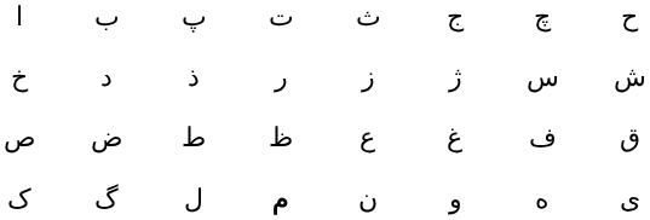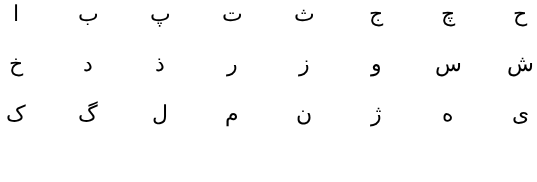 <table class="standard" cellpadding="5" style="font-size: 1.6em; font-family:'Times New Roman', serif; line-height: 2em; text-align: center;">
 <tr>
 <td style="width:3em; text-align:center; padding: 3px;">ا</td>
 <td style="width:3em; text-align:center; padding: 3px;">ب</td>
 <td style="width:3em; text-align:center; padding: 3px;">پ</td>
 <td style="width:3em; text-align:center; padding: 3px;">ت</td>
 <td style="width:3em; text-align:center; padding: 3px;">ث</td>
 <td style="width:3em; text-align:center; padding: 3px;">ج</td>
 <td style="width:3em; text-align:center; padding: 3px;">چ</td>
 <td style="width:3em; text-align:center; padding: 3px;">ح</td>
 </tr>
 <tr>
 <td style="width:3em; text-align:center; padding: 3px;">خ</td>
 <td style="width:3em; text-align:center; padding: 3px;">د</td>
 <td style="width:3em; text-align:center; padding: 3px;">ذ</td>
 <td style="width:3em; text-align:center; padding: 3px;">ر</td>
 <td style="width:3em; text-align:center; padding: 3px;">ز</td>
-<td style="width:3em; text-align:center; padding: 3px;">ژ</td>
+<td style="width:3em; text-align:center; padding: 3px;">و</td>
 <td style="width:3em; text-align:center; padding: 3px;">س</td>
 <td style="width:3em; text-align:center; padding: 3px;">ش</td>
-</tr>
-<tr>
-<td style="width:3em; text-align:center; padding: 3px;">ص</td>
-<td style="width:3em; text-align:center; padding: 3px;">ض</td>
-<td style="width:3em; text-align:center; padding: 3px;">ط</td>
-<td style="width:3em; text-align:center; padding: 3px;">ظ</td>
-<td style="width:3em; text-align:center; padding: 3px;">ع</td>
-<td style="width:3em; text-align:center; padding: 3px;">غ</td>
-<td style="width:3em; text-align:center; padding: 3px;">ف</td>
-<td style="width:3em; text-align:center; padding: 3px;">ق</td>
 </tr>
 <tr>
 <td style="width:3em; text-align:center; padding: 3px;">ک</td>
 <td style="width:3em; text-align:center; padding: 3px;">گ</td>
 <td style="width:3em; text-align:center; padding: 3px;">ل</td>
-<td style="width:3em; text-align:center; padding: 3px;"><strong>م</strong></td>
+<td style="width:3em; text-align:center; padding: 3px;">م</td>
 <td style="width:3em; text-align:center; padding: 3px;">ن</td>
-<td style="width:3em; text-align:center; padding: 3px;">و</td>
+<td style="width:3em; text-align:center; padding: 3px;">ژ</td>
 <td style="width:3em; text-align:center; padding: 3px;">ه</td>
 <td style="width:3em; text-align:center; padding: 3px;">ی</td>
 </tr>
 </table>
